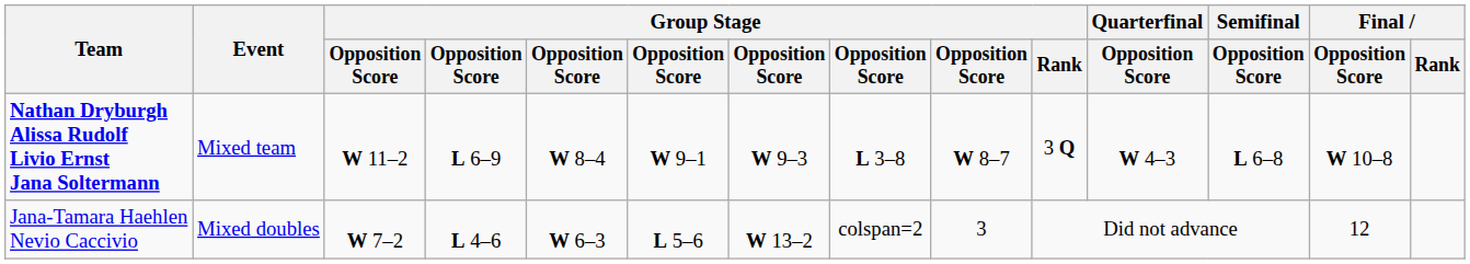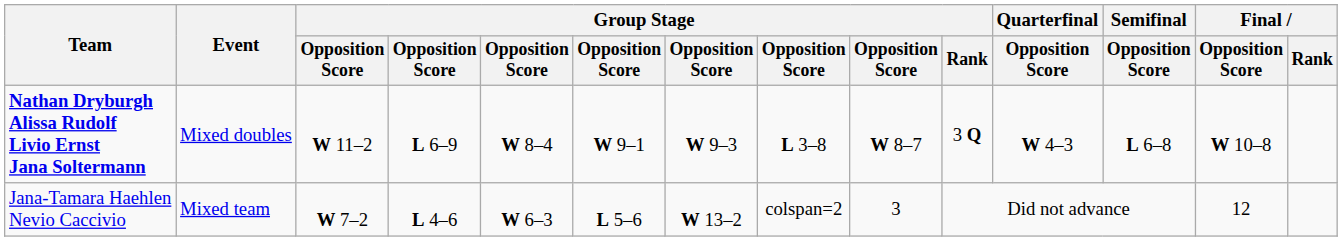 <table class="wikitable" style="font-size:90%">
 <tr>
 <th rowspan=2>Team</th>
 <th rowspan=2>Event</th>
 <th colspan=8>Group Stage</th>
 <th>Quarterfinal</th>
 <th>Semifinal</th>
 <th colspan=2>Final / </th>
 </tr>
 <tr style="font-size:95%">
 <th>Opposition <br> Score</th>
 <th>Opposition <br> Score</th>
 <th>Opposition <br> Score</th>
 <th>Opposition <br> Score</th>
 <th>Opposition <br> Score</th>
 <th>Opposition <br> Score</th>
 <th>Opposition <br> Score</th>
 <th>Rank</th>
 <th>Opposition <br> Score</th>
 <th>Opposition <br> Score</th>
 <th>Opposition <br> Score</th>
 <th>Rank</th>
 </tr>
 <tr align=center>
 <td align=left><strong><a href='#'>Nathan Dryburgh</a><br><a href='#'>Alissa Rudolf</a><br><a href='#'>Livio Ernst</a><br><a href='#'>Jana Soltermann</a></strong></td>
-<td align=left><a href='#'>Mixed team</a></td>
+<td align=left><a href='#'>Mixed doubles</a></td>
 <td><br><strong>W</strong> 11–2</td>
 <td><br><strong>L</strong> 6–9</td>
 <td><br><strong>W</strong> 8–4</td>
 <td><br><strong>W</strong> 9–1</td>
 <td><br><strong>W</strong> 9–3</td>
 <td><br><strong>L</strong> 3–8</td>
 <td><br><strong>W</strong> 8–7</td>
 <td>3 <strong>Q</strong></td>
 <td><br><strong>W</strong> 4–3</td>
 <td><br><strong>L</strong> 6–8</td>
 <td><br><strong>W</strong> 10–8</td>
 <td></td>
 </tr>
 <tr align=center>
 <td align=left><a href='#'>Jana-Tamara Haehlen</a><br><a href='#'>Nevio Caccivio</a></td>
-<td align=left><a href='#'>Mixed doubles</a></td>
+<td align=left><a href='#'>Mixed team</a></td>
 <td><br><strong>W</strong> 7–2</td>
 <td><br><strong>L</strong> 4–6</td>
 <td><br><strong>W</strong> 6–3</td>
 <td><br><strong>L</strong> 5–6</td>
 <td><br><strong>W</strong> 13–2</td>
 <td>colspan=2</td>
 <td>3</td>
 <td colspan=3>Did not advance</td>
 <td>12</td>
 </tr>
 </table>
